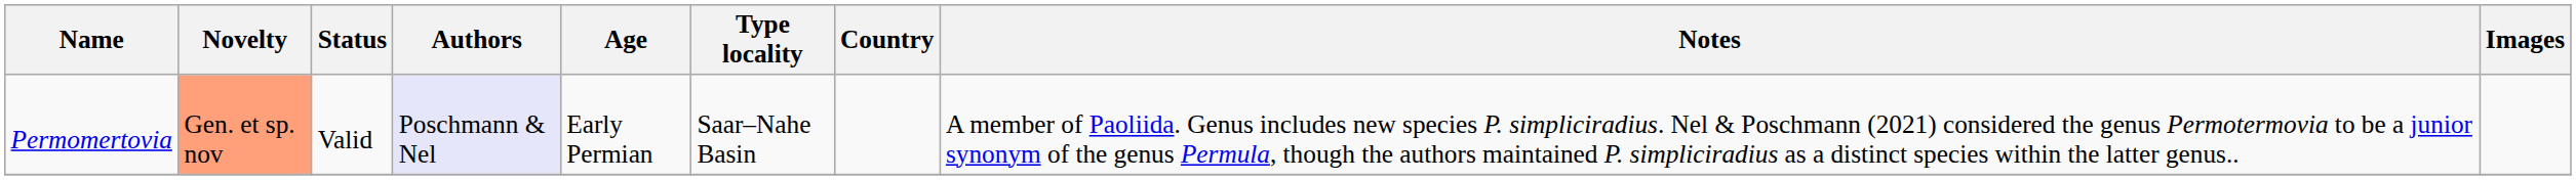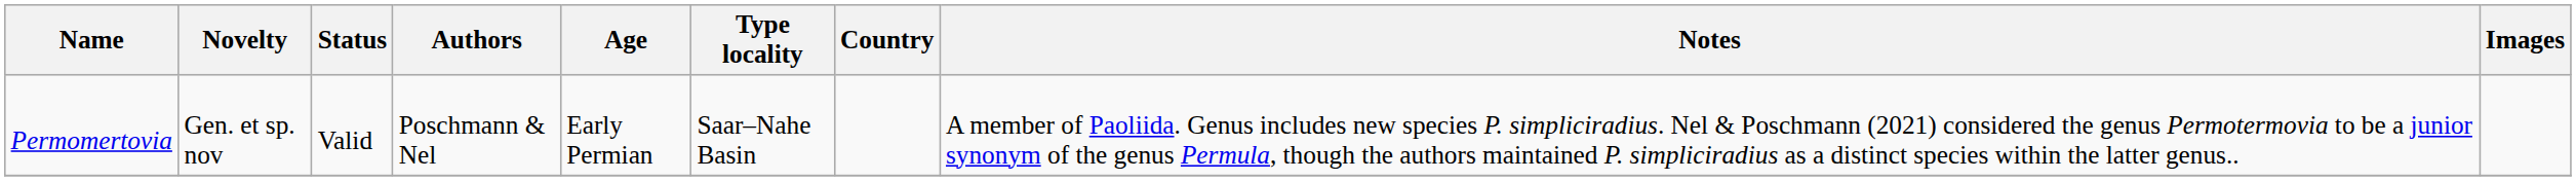 <table class="wikitable sortable" align="center" width="100%">
 <tr>
 <th>Name</th>
 <th>Novelty</th>
 <th>Status</th>
 <th>Authors</th>
 <th>Age</th>
 <th>Type locality</th>
 <th>Country</th>
 <th>Notes</th>
 <th>Images</th>
 </tr>
 <tr>
 <td><br><em><a href='#'>Permomertovia</a></em></td>
-<td style="background: lightsalmon;"><br>Gen. et sp. nov</td>
+<td><br>Gen. et sp. nov</td>
 <td><br>Valid</td>
-<td style="background: lavender;"><br>Poschmann & Nel</td>
+<td><br>Poschmann & Nel</td>
 <td><br>Early Permian</td>
 <td><br>Saar–Nahe Basin</td>
 <td><br></td>
 <td><br>A member of <a href='#'>Paoliida</a>. Genus includes new species <em>P. simpliciradius</em>. Nel & Poschmann (2021) considered the genus <em>Permotermovia</em> to be a <a href='#'>junior synonym</a> of the genus <em><a href='#'>Permula</a></em>, though the authors maintained <em>P. simpliciradius</em> as a distinct species within the latter genus..</td>
 <td></td>
 </tr>
 <tr>
 </tr>
 </table>
